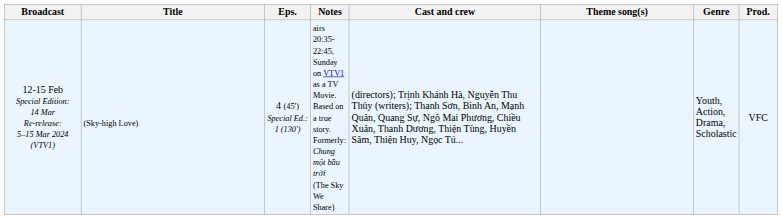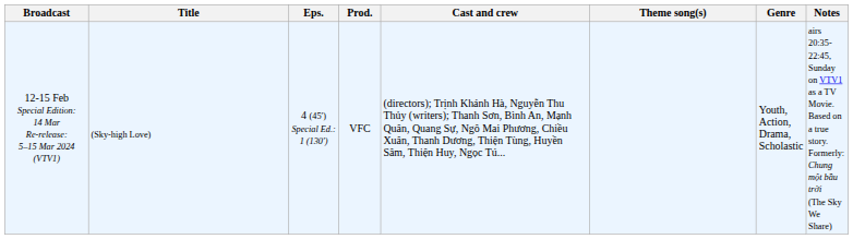 <table class="wikitable sortable">
 <tr>
 <th style="width:10%;">Broadcast</th>
 <th style="width:24%;">Title</th>
 <th style="width:6%;">Eps.</th>
-<th style="width:5%;">Notes</th>
+<th style="width:5%;">Prod.</th>
 <th style="width:25%;">Cast and crew</th>
 <th style="width:20%;">Theme song(s)</th>
 <th style="width:5%;">Genre</th>
-<th style="width:5%;">Prod.</th>
+<th style="width:5%;">Notes</th>
 </tr>
 <tr ---- bgcolor="#ebf5ff">
 <td style="text-align:center;">12-15 Feb<br><small><em>Special Edition:<br>14 Mar</em></small><br><small><em>Re-release:<br>5–15 Mar 2024 (VTV1)</em></small><br></td>
 <td><em></em> <br><small>(Sky-high Love)</small></td>
 <td style="text-align:center;">4 <small>(45′)<br><em>Special Ed.:<br>1 (130′)</em></small></td>
-<td><small> airs 20:35-22:45, Sunday on <a href='#'>VTV1</a> as a TV Movie.<br>Based on a true story.</small><br><small>Formerly: <em>Chung một bầu trời</em><br>(The Sky We Share)</small></td>
+<td style="text-align:center;">VFC</td>
 <td> (directors); Trịnh Khánh Hà, Nguyễn Thu Thủy (writers); Thanh Sơn, Bình An, Mạnh Quân, Quang Sự, Ngô Mai Phương, Chiều Xuân, Thanh Dương, Thiện Tùng, Huyền Sâm, Thiện Huy, Ngọc Tú...</td>
 <td></td>
 <td>Youth, Action, Drama, Scholastic</td>
-<td style="text-align:center;">VFC</td>
+<td><small> airs 20:35-22:45, Sunday on <a href='#'>VTV1</a> as a TV Movie.<br>Based on a true story.</small><br><small>Formerly: <em>Chung một bầu trời</em><br>(The Sky We Share)</small></td>
 </tr>
 </table>
